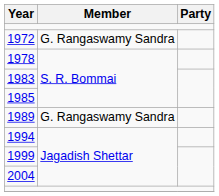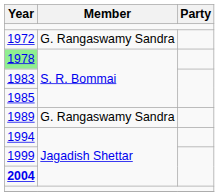 <table class="wikitable sortable">
 <tr>
 <th>Year</th>
 <th>Member</th>
 <th colspan="2">Party</th>
 </tr>
 <tr>
 <td colspan=4></td>
 </tr>
 <tr>
 <td><a href='#'>1972</a></td>
 <td>G. Rangaswamy Sandra</td>
 <td></td>
 </tr>
 <tr>
-<td><a href='#'>1978</a></td>
+<td style="background: lightgreen;"><a href='#'>1978</a></td>
 <td rowspan=3><a href='#'>S. R. Bommai</a></td>
 <td></td>
 </tr>
 <tr>
 <td><a href='#'>1983</a></td>
 </tr>
 <tr>
 <td><a href='#'>1985</a></td>
 </tr>
 <tr>
 <td><a href='#'>1989</a></td>
 <td>G. Rangaswamy Sandra</td>
 <td></td>
 </tr>
 <tr>
 <td><a href='#'>1994</a></td>
 <td rowspan=3><a href='#'>Jagadish Shettar</a></td>
 <td></td>
 </tr>
 <tr>
 <td><a href='#'>1999</a></td>
 </tr>
 <tr>
-<td><a href='#'>2004</a></td>
+<td><strong><a href='#'>2004</a></strong></td>
 </tr>
 <tr>
 <td colspan=4></td>
 </tr>
 <tr>
 </tr>
 </table>
